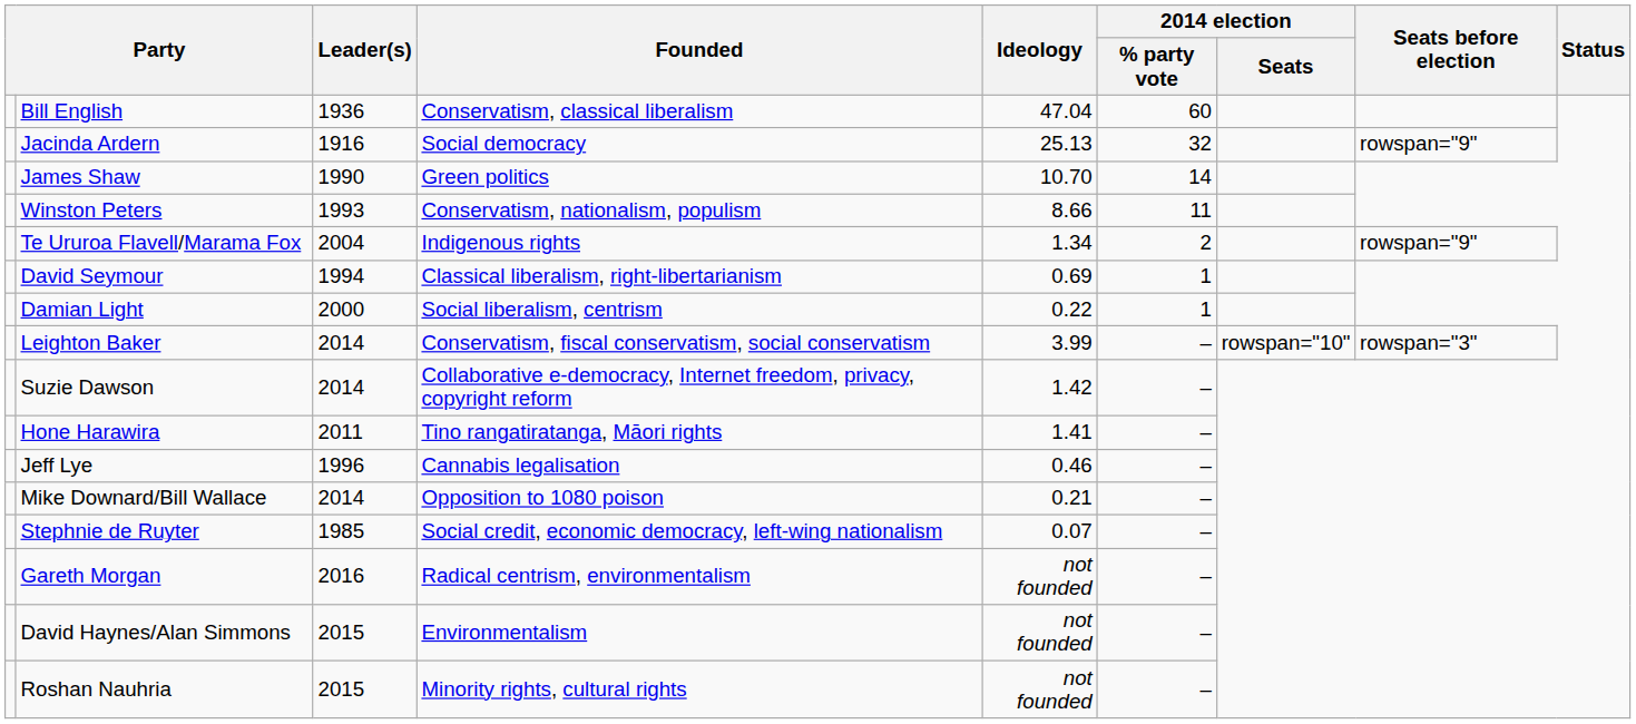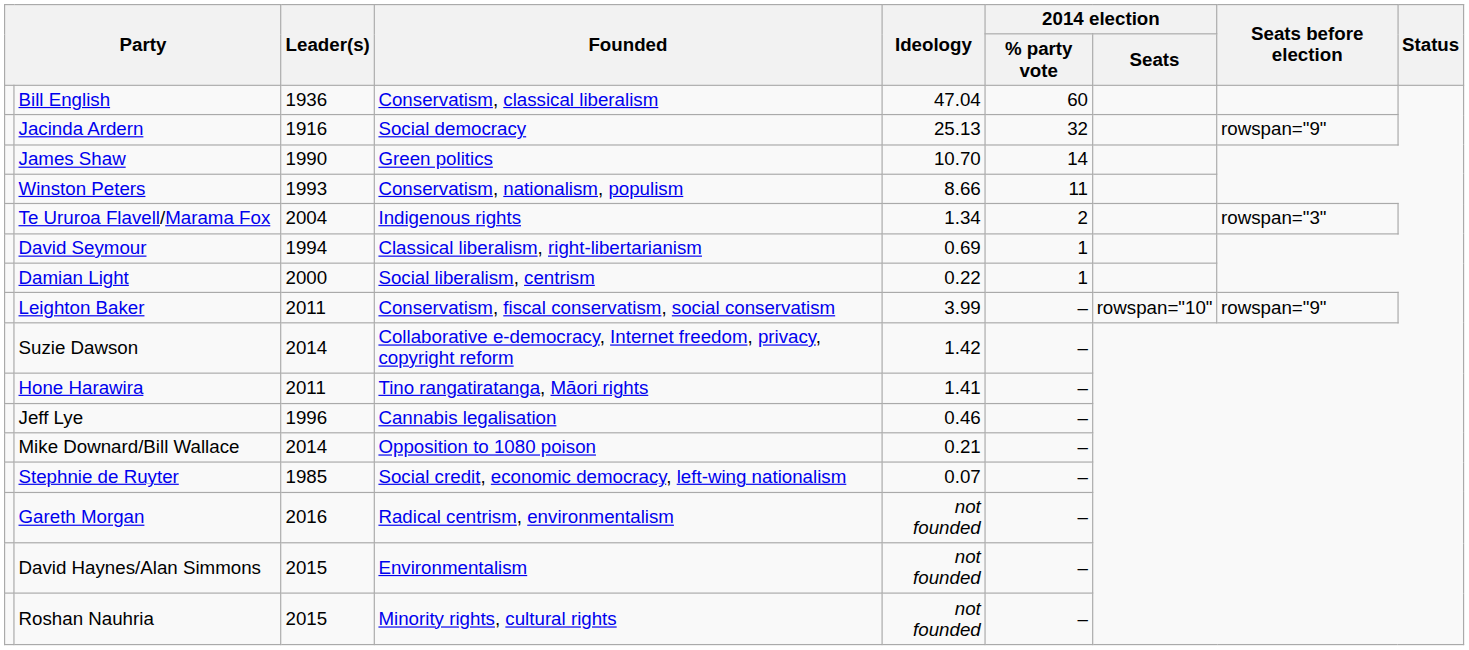 <table class="wikitable sortable">
 <tr>
 <th colspan="2" rowspan="2" style="width:16em;">Party</th>
 <th rowspan="2">Leader(s)</th>
 <th rowspan="2">Founded</th>
 <th rowspan="2">Ideology</th>
 <th colspan="2">2014 election</th>
 <th rowspan="2">Seats before election</th>
 <th rowspan="2">Status</th>
 </tr>
 <tr>
 <th>% party vote</th>
 <th>Seats</th>
 </tr>
 <tr>
 <td></td>
 <td><a href='#'>Bill English</a></td>
 <td>1936</td>
 <td><a href='#'>Conservatism</a>, <a href='#'>classical liberalism</a></td>
 <td style="text-align:right;">47.04</td>
 <td style="text-align:right;">60</td>
 <td></td>
 <td></td>
 </tr>
 <tr>
 <td></td>
 <td><a href='#'>Jacinda Ardern</a></td>
 <td>1916</td>
 <td><a href='#'>Social democracy</a></td>
 <td style="text-align:right;">25.13</td>
 <td style="text-align:right;">32</td>
 <td></td>
 <td>rowspan="9"</td>
 </tr>
 <tr>
 <td></td>
 <td><a href='#'>James Shaw</a></td>
 <td>1990</td>
 <td><a href='#'>Green politics</a></td>
 <td style="text-align:right;">10.70</td>
 <td style="text-align:right;">14</td>
 <td></td>
 </tr>
 <tr>
 <td></td>
 <td><a href='#'>Winston Peters</a></td>
 <td>1993</td>
 <td><a href='#'>Conservatism</a>, <a href='#'>nationalism</a>, <a href='#'>populism</a></td>
 <td style="text-align:right;">8.66</td>
 <td style="text-align:right;">11</td>
 <td></td>
 </tr>
 <tr>
 <td></td>
 <td><a href='#'>Te Ururoa Flavell</a>/<a href='#'>Marama Fox</a></td>
 <td>2004</td>
 <td><a href='#'>Indigenous rights</a></td>
 <td style="text-align:right;">1.34</td>
 <td style="text-align:right;">2</td>
 <td></td>
-<td>rowspan="9"</td>
+<td>rowspan="3" </td>
 </tr>
 <tr>
 <td></td>
 <td><a href='#'>David Seymour</a></td>
 <td>1994</td>
 <td><a href='#'>Classical liberalism</a>, <a href='#'>right-libertarianism</a></td>
 <td style="text-align:right;">0.69</td>
 <td style="text-align:right;">1</td>
 <td></td>
 </tr>
 <tr>
 <td></td>
 <td><a href='#'>Damian Light</a></td>
 <td>2000</td>
 <td><a href='#'>Social liberalism</a>, <a href='#'>centrism</a></td>
 <td style="text-align:right;">0.22</td>
 <td style="text-align:right;">1</td>
 <td></td>
 </tr>
 <tr>
 <td></td>
 <td><a href='#'>Leighton Baker</a></td>
-<td>2014</td>
+<td>2011</td>
 <td><a href='#'>Conservatism</a>, <a href='#'>fiscal conservatism</a>, <a href='#'>social conservatism</a></td>
 <td style="text-align:right;">3.99</td>
 <td style="text-align:right;">–</td>
 <td>rowspan="10"</td>
-<td>rowspan="3"</td>
+<td>rowspan="9"</td>
 </tr>
 <tr>
 <td></td>
 <td>Suzie Dawson</td>
 <td>2014</td>
 <td><a href='#'>Collaborative e-democracy</a>, <a href='#'>Internet freedom</a>, <a href='#'>privacy</a>, <a href='#'>copyright reform</a></td>
 <td style="text-align:right;">1.42</td>
 <td style="text-align:right;">–</td>
 </tr>
 <tr>
 <td></td>
 <td><a href='#'>Hone Harawira</a></td>
 <td>2011</td>
 <td><a href='#'>Tino rangatiratanga</a>, <a href='#'>Māori rights</a></td>
 <td style="text-align:right;">1.41</td>
 <td style="text-align:right;">–</td>
 </tr>
 <tr>
 <td></td>
 <td>Jeff Lye</td>
 <td>1996</td>
 <td><a href='#'>Cannabis legalisation</a></td>
 <td style="text-align:right;">0.46</td>
 <td style="text-align:right;">–</td>
 </tr>
 <tr>
 <td></td>
 <td>Mike Downard/Bill Wallace</td>
 <td>2014</td>
 <td><a href='#'>Opposition to 1080 poison</a></td>
 <td style="text-align:right;">0.21</td>
 <td style="text-align:right;">–</td>
 </tr>
 <tr>
 <td></td>
 <td><a href='#'>Stephnie de Ruyter</a></td>
 <td>1985</td>
 <td><a href='#'>Social credit</a>, <a href='#'>economic democracy</a>, <a href='#'>left-wing nationalism</a></td>
 <td style="text-align:right;">0.07</td>
 <td style="text-align:right;">–</td>
 </tr>
 <tr>
 <td></td>
 <td><a href='#'>Gareth Morgan</a></td>
 <td>2016</td>
 <td><a href='#'>Radical centrism</a>, <a href='#'>environmentalism</a></td>
 <td style="text-align:right;"><em>not founded</em></td>
 <td style="text-align:right;">–</td>
 </tr>
 <tr>
 <td></td>
 <td>David Haynes/Alan Simmons</td>
 <td>2015</td>
 <td><a href='#'>Environmentalism</a></td>
 <td style="text-align:right;"><em>not founded</em></td>
 <td style="text-align:right;">–</td>
 </tr>
 <tr>
 <td></td>
 <td>Roshan Nauhria</td>
 <td>2015</td>
 <td><a href='#'>Minority rights</a>, <a href='#'>cultural rights</a></td>
 <td style="text-align:right;"><em>not founded</em></td>
 <td style="text-align:right;">–</td>
 </tr>
 </table>
